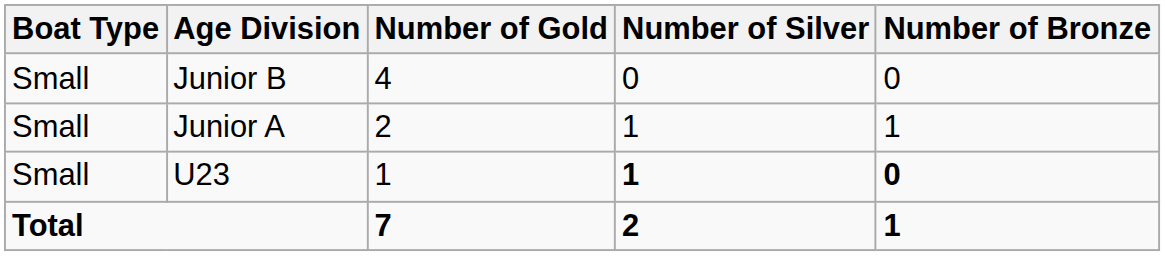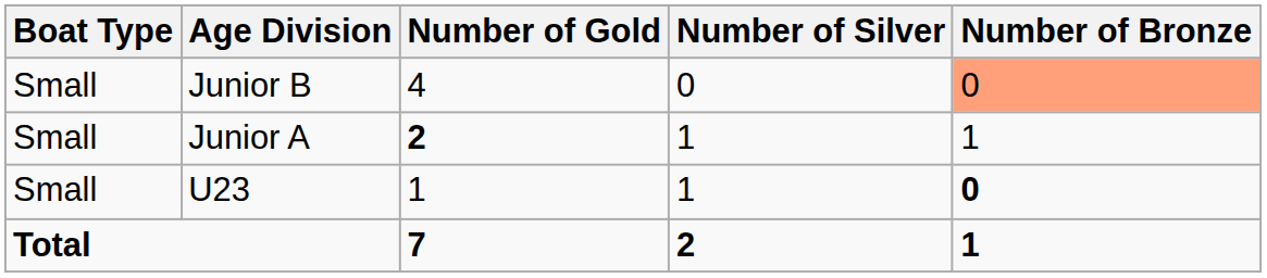 <table class="wikitable sortable">
 <tr>
 <th>Boat Type</th>
 <th>Age Division</th>
 <th>Number of Gold</th>
 <th>Number of Silver</th>
 <th>Number of Bronze</th>
 </tr>
 <tr>
 <td>Small</td>
 <td>Junior B</td>
 <td>4</td>
 <td>0</td>
-<td>0</td>
+<td style="background: lightsalmon;">0</td>
 </tr>
 <tr>
 <td>Small</td>
 <td>Junior A</td>
-<td>2</td>
+<td><strong>2</strong></td>
 <td>1</td>
 <td>1</td>
 </tr>
 <tr>
 <td>Small</td>
 <td>U23</td>
 <td>1</td>
-<td><strong>1</strong></td>
+<td>1</td>
 <td><strong>0</strong></td>
 </tr>
 <tr>
 <td colspan="2"><strong>Total</strong></td>
 <td><strong>7</strong></td>
 <td><strong>2</strong></td>
 <td><strong>1</strong></td>
 </tr>
 </table>
